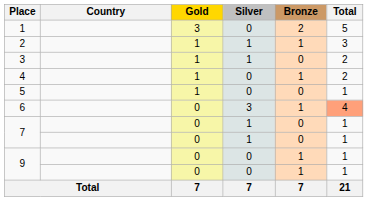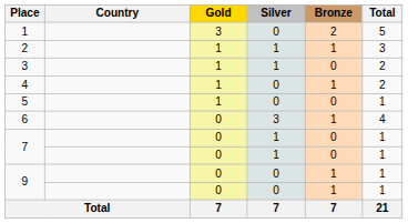 <table class="wikitable" style="text-align:center;">
 <tr>
 <th width="50">Place</th>
 <th width="200">Country</th>
 <th width="75" style="background-color:gold"> Gold</th>
 <th width="75" style="background-color:silver"> Silver</th>
 <th width="75" style="background-color:#cc9966"> Bronze</th>
 <th width="50">Total</th>
 </tr>
 <tr>
 <td>1</td>
 <td style="text-align:left;"></td>
 <td style="background-color:#F7F6A8;">3</td>
 <td style="background-color:#DCE5E5;">0</td>
 <td style="background-color:#FFDAB9;">2</td>
 <td>5</td>
 </tr>
 <tr>
 <td>2</td>
 <td style="text-align:left;"></td>
 <td style="background-color:#F7F6A8;">1</td>
 <td style="background-color:#DCE5E5;">1</td>
 <td style="background-color:#FFDAB9;">1</td>
 <td>3</td>
 </tr>
 <tr>
 <td>3</td>
 <td style="text-align:left;"></td>
 <td style="background-color:#F7F6A8;">1</td>
 <td style="background-color:#DCE5E5;">1</td>
 <td style="background-color:#FFDAB9;">0</td>
 <td>2</td>
 </tr>
 <tr>
 <td>4</td>
 <td style="text-align:left;"></td>
 <td style="background-color:#F7F6A8;">1</td>
 <td style="background-color:#DCE5E5;">0</td>
 <td style="background-color:#FFDAB9;">1</td>
 <td>2</td>
 </tr>
 <tr>
 <td>5</td>
 <td style="text-align:left;"></td>
 <td style="background-color:#F7F6A8;">1</td>
 <td style="background-color:#DCE5E5;">0</td>
 <td style="background-color:#FFDAB9;">0</td>
 <td>1</td>
 </tr>
 <tr>
 <td>6</td>
 <td style="text-align:left;"></td>
 <td style="background-color:#F7F6A8;">0</td>
 <td style="background-color:#DCE5E5;">3</td>
 <td style="background-color:#FFDAB9;">1</td>
-<td style="background: lightsalmon;">4</td>
+<td>4</td>
 </tr>
 <tr>
 <td rowspan="2">7</td>
 <td style="text-align:left;"></td>
 <td style="background-color:#F7F6A8;">0</td>
 <td style="background-color:#DCE5E5;">1</td>
 <td style="background-color:#FFDAB9;">0</td>
 <td>1</td>
 </tr>
 <tr>
 <td style="text-align:left;"></td>
 <td style="background-color:#F7F6A8;">0</td>
 <td style="background-color:#DCE5E5;">1</td>
 <td style="background-color:#FFDAB9;">0</td>
 <td>1</td>
 </tr>
 <tr>
 <td rowspan="2">9</td>
 <td style="text-align:left;"></td>
 <td style="background-color:#F7F6A8;">0</td>
 <td style="background-color:#DCE5E5;">0</td>
 <td style="background-color:#FFDAB9;">1</td>
 <td>1</td>
 </tr>
 <tr>
 <td style="text-align:left;"></td>
 <td style="background-color:#F7F6A8;">0</td>
 <td style="background-color:#DCE5E5;">0</td>
 <td style="background-color:#FFDAB9;">1</td>
 <td>1</td>
 </tr>
 <tr>
 <th colspan="2">Total</th>
 <th>7</th>
 <th>7</th>
 <th>7</th>
 <th>21</th>
 </tr>
 </table>
